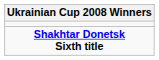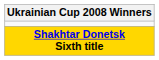 <table class="wikitable" style="text-align: center; margin: 0 auto;">
 <tr>
 <th>Ukrainian Cup 2008 Winners</th>
 </tr>
 <tr>
 <td></td>
 </tr>
 <tr>
-<td><strong><a href='#'>Shakhtar Donetsk</a></strong><br><strong>Sixth title</strong></td>
+<td style="background: gold;"><strong><a href='#'>Shakhtar Donetsk</a></strong><br><strong>Sixth title</strong></td>
 </tr>
 </table>
